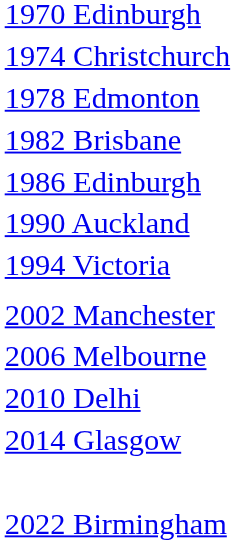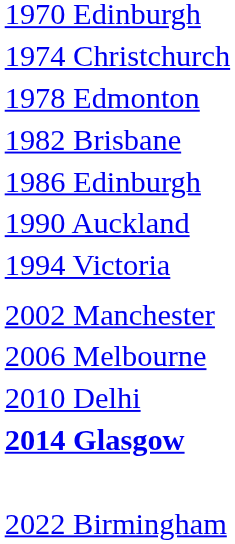 <table>
 <tr>
 <td><a href='#'>1970 Edinburgh</a></td>
 <td></td>
 <td></td>
 <td></td>
 </tr>
 <tr>
 <td><a href='#'>1974 Christchurch</a></td>
 <td></td>
 <td></td>
 <td></td>
 </tr>
 <tr>
 <td><a href='#'>1978 Edmonton</a></td>
 <td></td>
 <td></td>
 <td></td>
 </tr>
 <tr>
 <td><a href='#'>1982 Brisbane</a></td>
 <td></td>
 <td></td>
 <td></td>
 </tr>
 <tr>
 <td><a href='#'>1986 Edinburgh</a></td>
 <td></td>
 <td></td>
 <td></td>
 </tr>
 <tr>
 <td><a href='#'>1990 Auckland</a></td>
 <td></td>
 <td></td>
 <td></td>
 </tr>
 <tr>
 <td><a href='#'>1994 Victoria</a></td>
 <td></td>
 <td></td>
 <td></td>
 </tr>
 <tr>
 <td></td>
 <td></td>
 <td></td>
 <td></td>
 </tr>
 <tr>
 <td><a href='#'>2002 Manchester</a><br></td>
 <td></td>
 <td></td>
 <td></td>
 </tr>
 <tr>
 <td><a href='#'>2006 Melbourne</a><br></td>
 <td></td>
 <td></td>
 <td></td>
 </tr>
 <tr>
 <td><a href='#'>2010 Delhi</a><br></td>
 <td></td>
 <td></td>
 <td></td>
 </tr>
 <tr>
-<td><a href='#'>2014 Glasgow</a><br></td>
+<td><strong><a href='#'>2014 Glasgow</a><br></strong></td>
 <td></td>
 <td></td>
 <td></td>
 </tr>
 <tr>
 <td><br></td>
 <td></td>
 <td></td>
 <td></td>
 </tr>
 <tr>
 <td><a href='#'>2022 Birmingham</a><br></td>
 <td></td>
 <td></td>
 <td></td>
 </tr>
 </table>
